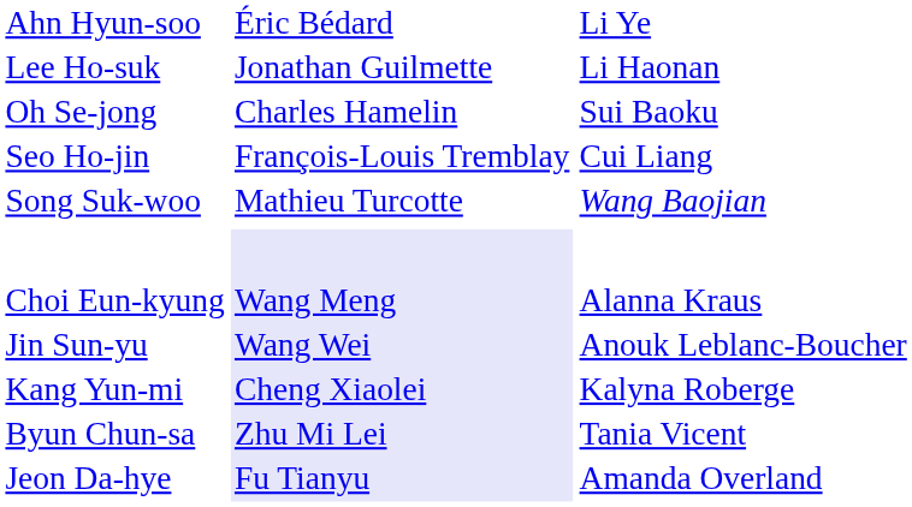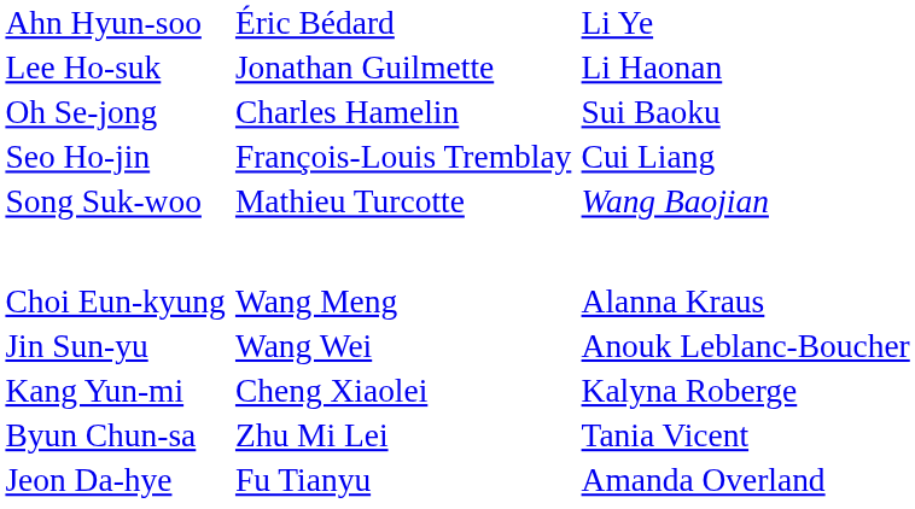 <table>
 <tr>
 <th scope=row style="text-align:left"><br></th>
 <td valign="top"><strong></strong><br><small><a href='#'>Ahn Hyun-soo</a><br><a href='#'>Lee Ho-suk</a><br><a href='#'>Oh Se-jong</a><br><a href='#'>Seo Ho-jin</a><br><a href='#'>Song Suk-woo</a></small></td>
 <td valign="top"><strong></strong><br><small><a href='#'>Éric Bédard</a><br><a href='#'>Jonathan Guilmette</a><br><a href='#'>Charles Hamelin</a><br><a href='#'>François-Louis Tremblay</a><br><a href='#'>Mathieu Turcotte</a></small></td>
 <td valign="top"><strong></strong><br><small><a href='#'>Li Ye</a><br><a href='#'>Li Haonan</a><br><a href='#'>Sui Baoku</a><br><a href='#'>Cui Liang</a><br><em><a href='#'>Wang Baojian</a></em></small></td>
 </tr>
 <tr>
 <th scope=row style="text-align:left"><br></th>
 <td valign="top"><strong></strong><br><small><a href='#'>Choi Eun-kyung</a><br><a href='#'>Jin Sun-yu</a><br><a href='#'>Kang Yun-mi</a><br><a href='#'>Byun Chun-sa</a><br><a href='#'>Jeon Da-hye</a></small></td>
-<td valign="top" style="background: lavender;"><strong></strong><br><small><a href='#'>Wang Meng</a><br><a href='#'>Wang Wei</a><br><a href='#'>Cheng Xiaolei</a><br><a href='#'>Zhu Mi Lei</a><br><a href='#'>Fu Tianyu</a></small></td>
+<td valign="top"><strong></strong><br><small><a href='#'>Wang Meng</a><br><a href='#'>Wang Wei</a><br><a href='#'>Cheng Xiaolei</a><br><a href='#'>Zhu Mi Lei</a><br><a href='#'>Fu Tianyu</a></small></td>
 <td valign="top"><strong></strong><br><small><a href='#'>Alanna Kraus</a><br><a href='#'>Anouk Leblanc-Boucher</a><br><a href='#'>Kalyna Roberge</a><br><a href='#'>Tania Vicent</a><br><a href='#'>Amanda Overland</a></small></td>
 </tr>
 </table>
